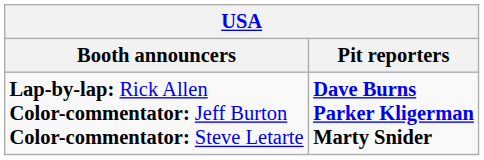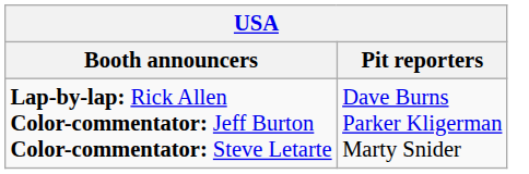 <table class="wikitable" style="font-size: 95%">
 <tr>
 <th colspan="2"><a href='#'>USA</a></th>
 </tr>
 <tr>
 <th>Booth announcers</th>
 <th>Pit reporters</th>
 </tr>
 <tr>
 <td><strong>Lap-by-lap:</strong> <a href='#'>Rick Allen</a><br><strong>Color-commentator:</strong> <a href='#'>Jeff Burton</a><br><strong>Color-commentator:</strong> <a href='#'>Steve Letarte</a></td>
-<td><strong><a href='#'>Dave Burns</a><br><a href='#'>Parker Kligerman</a><br>Marty Snider</strong></td>
+<td><a href='#'>Dave Burns</a><br><a href='#'>Parker Kligerman</a><br>Marty Snider</td>
 </tr>
 </table>
